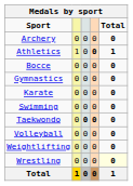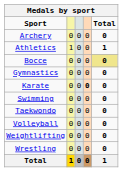 <table class="wikitable" style="font-size:85%">
 <tr style="background:#efefef;">
 <th colspan=7><strong>Medals by sport</strong></th>
 </tr>
 <tr align=center>
 <td><strong>Sport</strong></td>
 <td bgcolor=#f7f6a8></td>
 <td bgcolor=#dce5e5></td>
 <td bgcolor=#ffdab9></td>
 <td><strong>Total</strong></td>
 </tr>
 <tr align=center>
 <td><a href='#'>Archery</a></td>
 <td style="background:#F7F6A8;">0</td>
 <td style="background:#DCE5E5;">0</td>
 <td style="background:#FFDAB9;">0</td>
 <td><strong>0</strong></td>
 </tr>
 <tr align=center>
 <td><a href='#'>Athletics</a></td>
 <td style="background:#F7F6A8;">1</td>
 <td style="background:#DCE5E5;">0</td>
-<td style="background:#FFDAB9;"><strong>0</strong></td>
+<td style="background:#FFDAB9;">0</td>
 <td><strong>1</strong></td>
 </tr>
 <tr align=center>
 <td><a href='#'>Bocce</a></td>
 <td style="background:#F7F6A8;">0</td>
 <td style="background:#DCE5E5;">0</td>
 <td style="background:#FFDAB9;">0</td>
-<td><strong>0</strong></td>
+<td style="background: khaki;"><strong>0</strong></td>
 </tr>
 <tr align=center>
 <td><a href='#'>Gymnastics</a></td>
 <td style="background:#F7F6A8;">0</td>
 <td style="background:#DCE5E5;">0</td>
 <td style="background:#FFDAB9;">0</td>
 <td><strong>0</strong></td>
 </tr>
 <tr align=center>
 <td><a href='#'>Karate</a></td>
 <td style="background:#F7F6A8;">0</td>
 <td style="background:#DCE5E5;">0</td>
-<td style="background:#FFDAB9;">0</td>
+<td style="background:#FFDAB9;"><strong>0</strong></td>
 <td><strong>0</strong></td>
 </tr>
 <tr align=center>
 <td><a href='#'>Swimming</a></td>
 <td style="background:#F7F6A8;">0</td>
 <td style="background:#DCE5E5;">0</td>
 <td style="background:#FFDAB9;">0</td>
 <td><strong>0</strong></td>
 </tr>
 <tr align=center>
 <td><a href='#'>Taekwondo</a></td>
 <td style="background:#F7F6A8;">0</td>
-<td style="background:#DCE5E5;"><strong>0</strong></td>
-<td style="background:#FFDAB9;"><strong>0</strong></td>
+<td style="background:#DCE5E5;">0</td>
+<td style="background:#FFDAB9;">0</td>
 <td><strong>0</strong></td>
 </tr>
 <tr align=center>
 <td><a href='#'>Volleyball</a></td>
 <td style="background:#F7F6A8;">0</td>
 <td style="background:#DCE5E5;">0</td>
 <td style="background:#FFDAB9;">0</td>
 <td><strong>0</strong></td>
 </tr>
 <tr align=center>
 <td><a href='#'>Weightlifting</a></td>
 <td style="background:#F7F6A8;">0</td>
 <td style="background:#DCE5E5;">0</td>
 <td style="background:#FFDAB9;">0</td>
 <td><strong>0</strong></td>
 </tr>
 <tr align=center>
 <td><a href='#'>Wrestling</a></td>
 <td style="background:#F7F6A8;">0</td>
 <td style="background:#DCE5E5;">0</td>
 <td style="background:#FFDAB9;">0</td>
-<td style="background: lightyellow;"><strong>0</strong></td>
+<td><strong>0</strong></td>
 </tr>
 <tr align=center>
 <th><strong>Total</strong></th>
 <th style="background:gold;"><strong>1</strong></th>
 <th style="background:silver;"><strong>0</strong></th>
 <th style="background:#c96;"><strong>0</strong></th>
 <th><strong>1</strong></th>
 </tr>
 </table>
